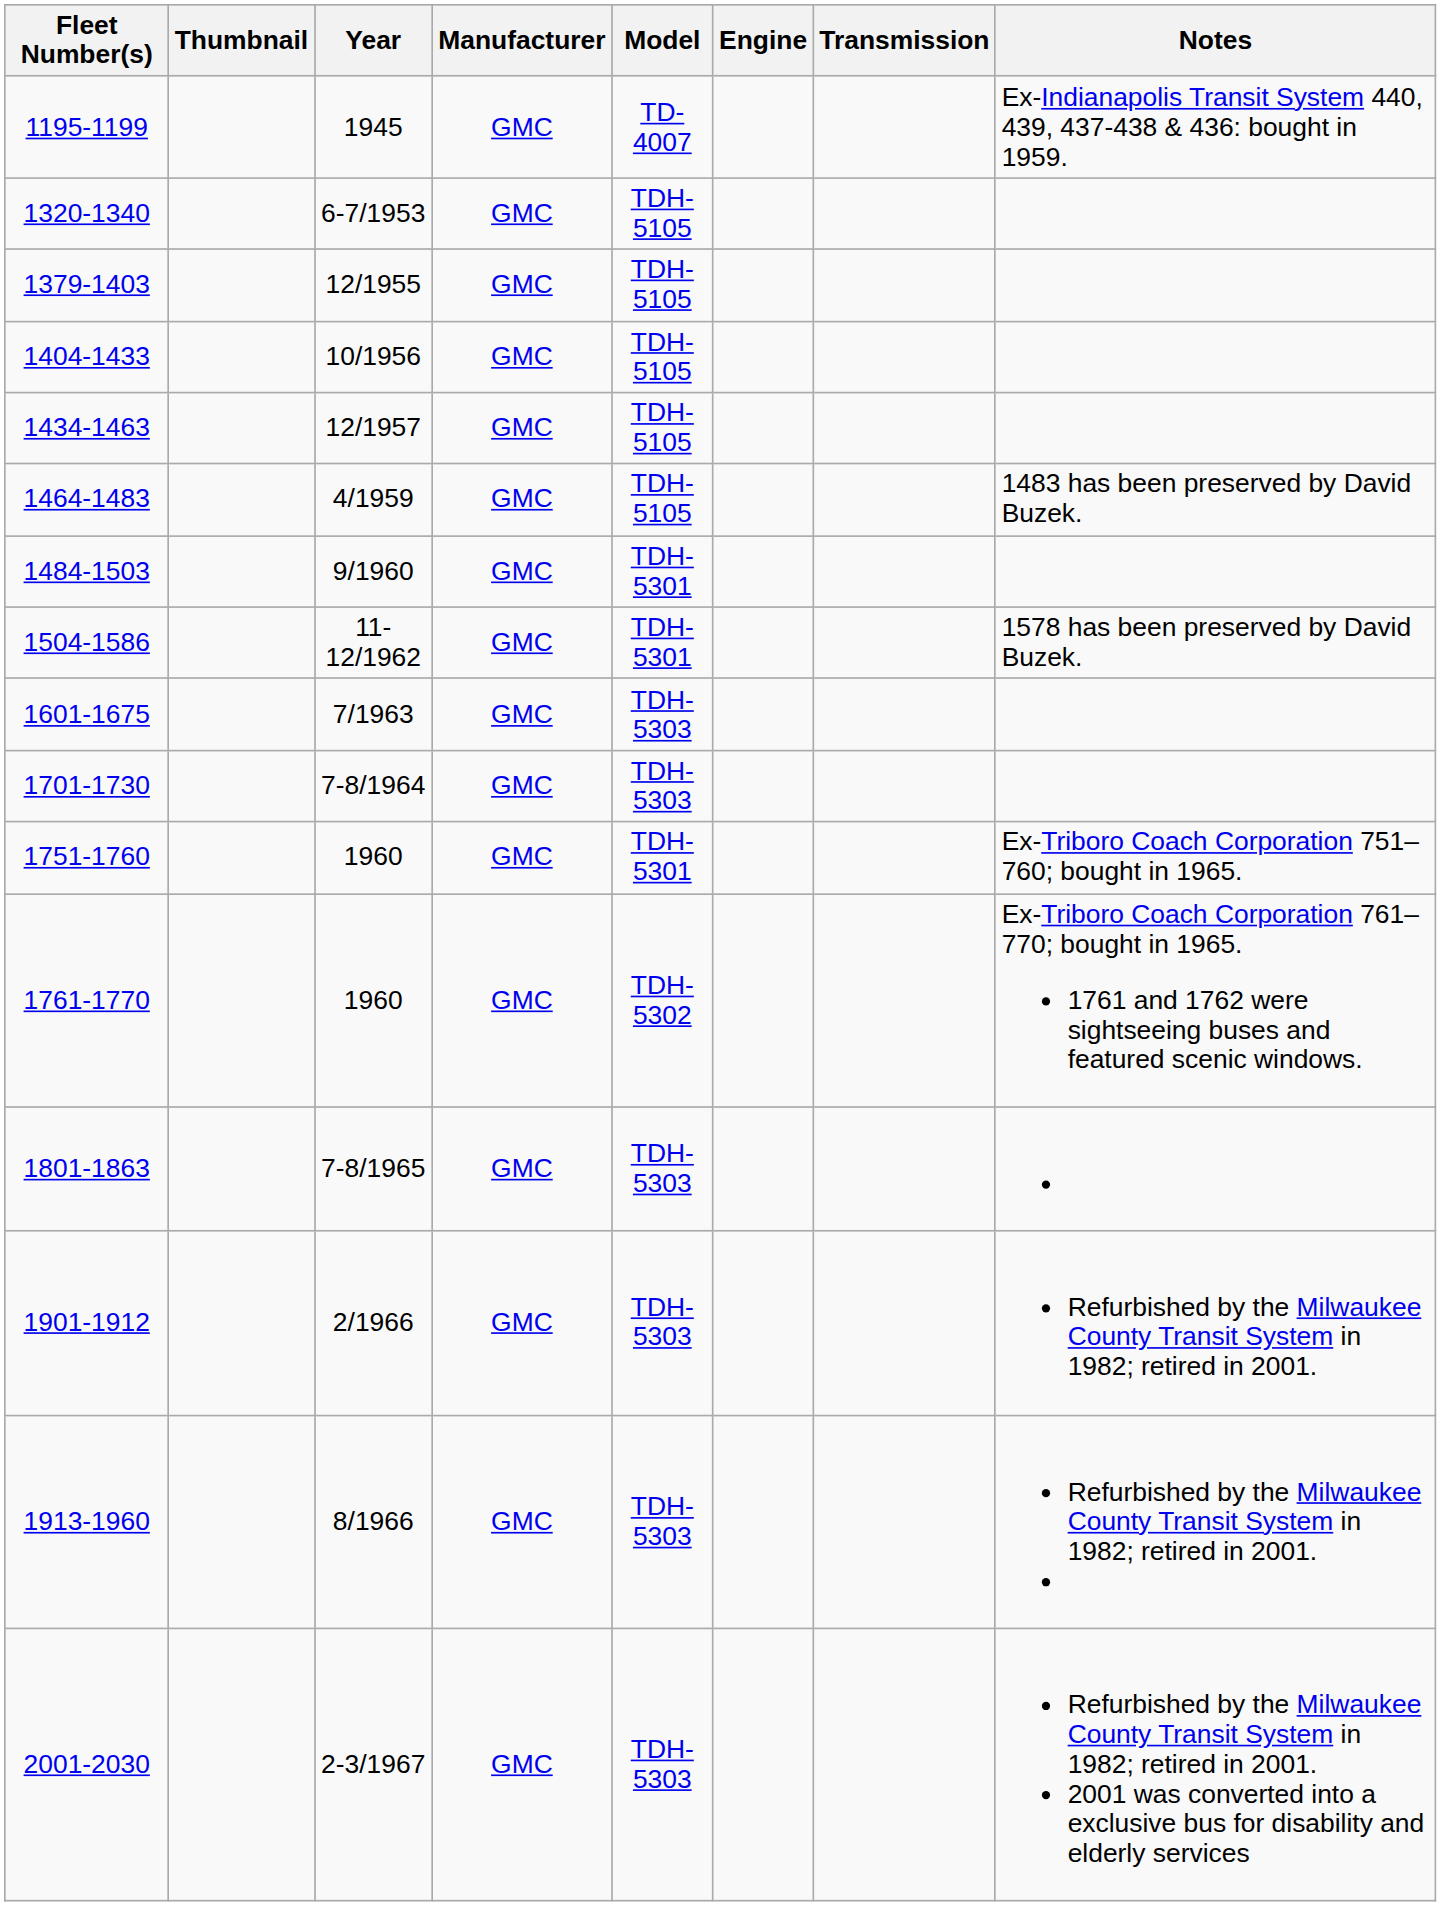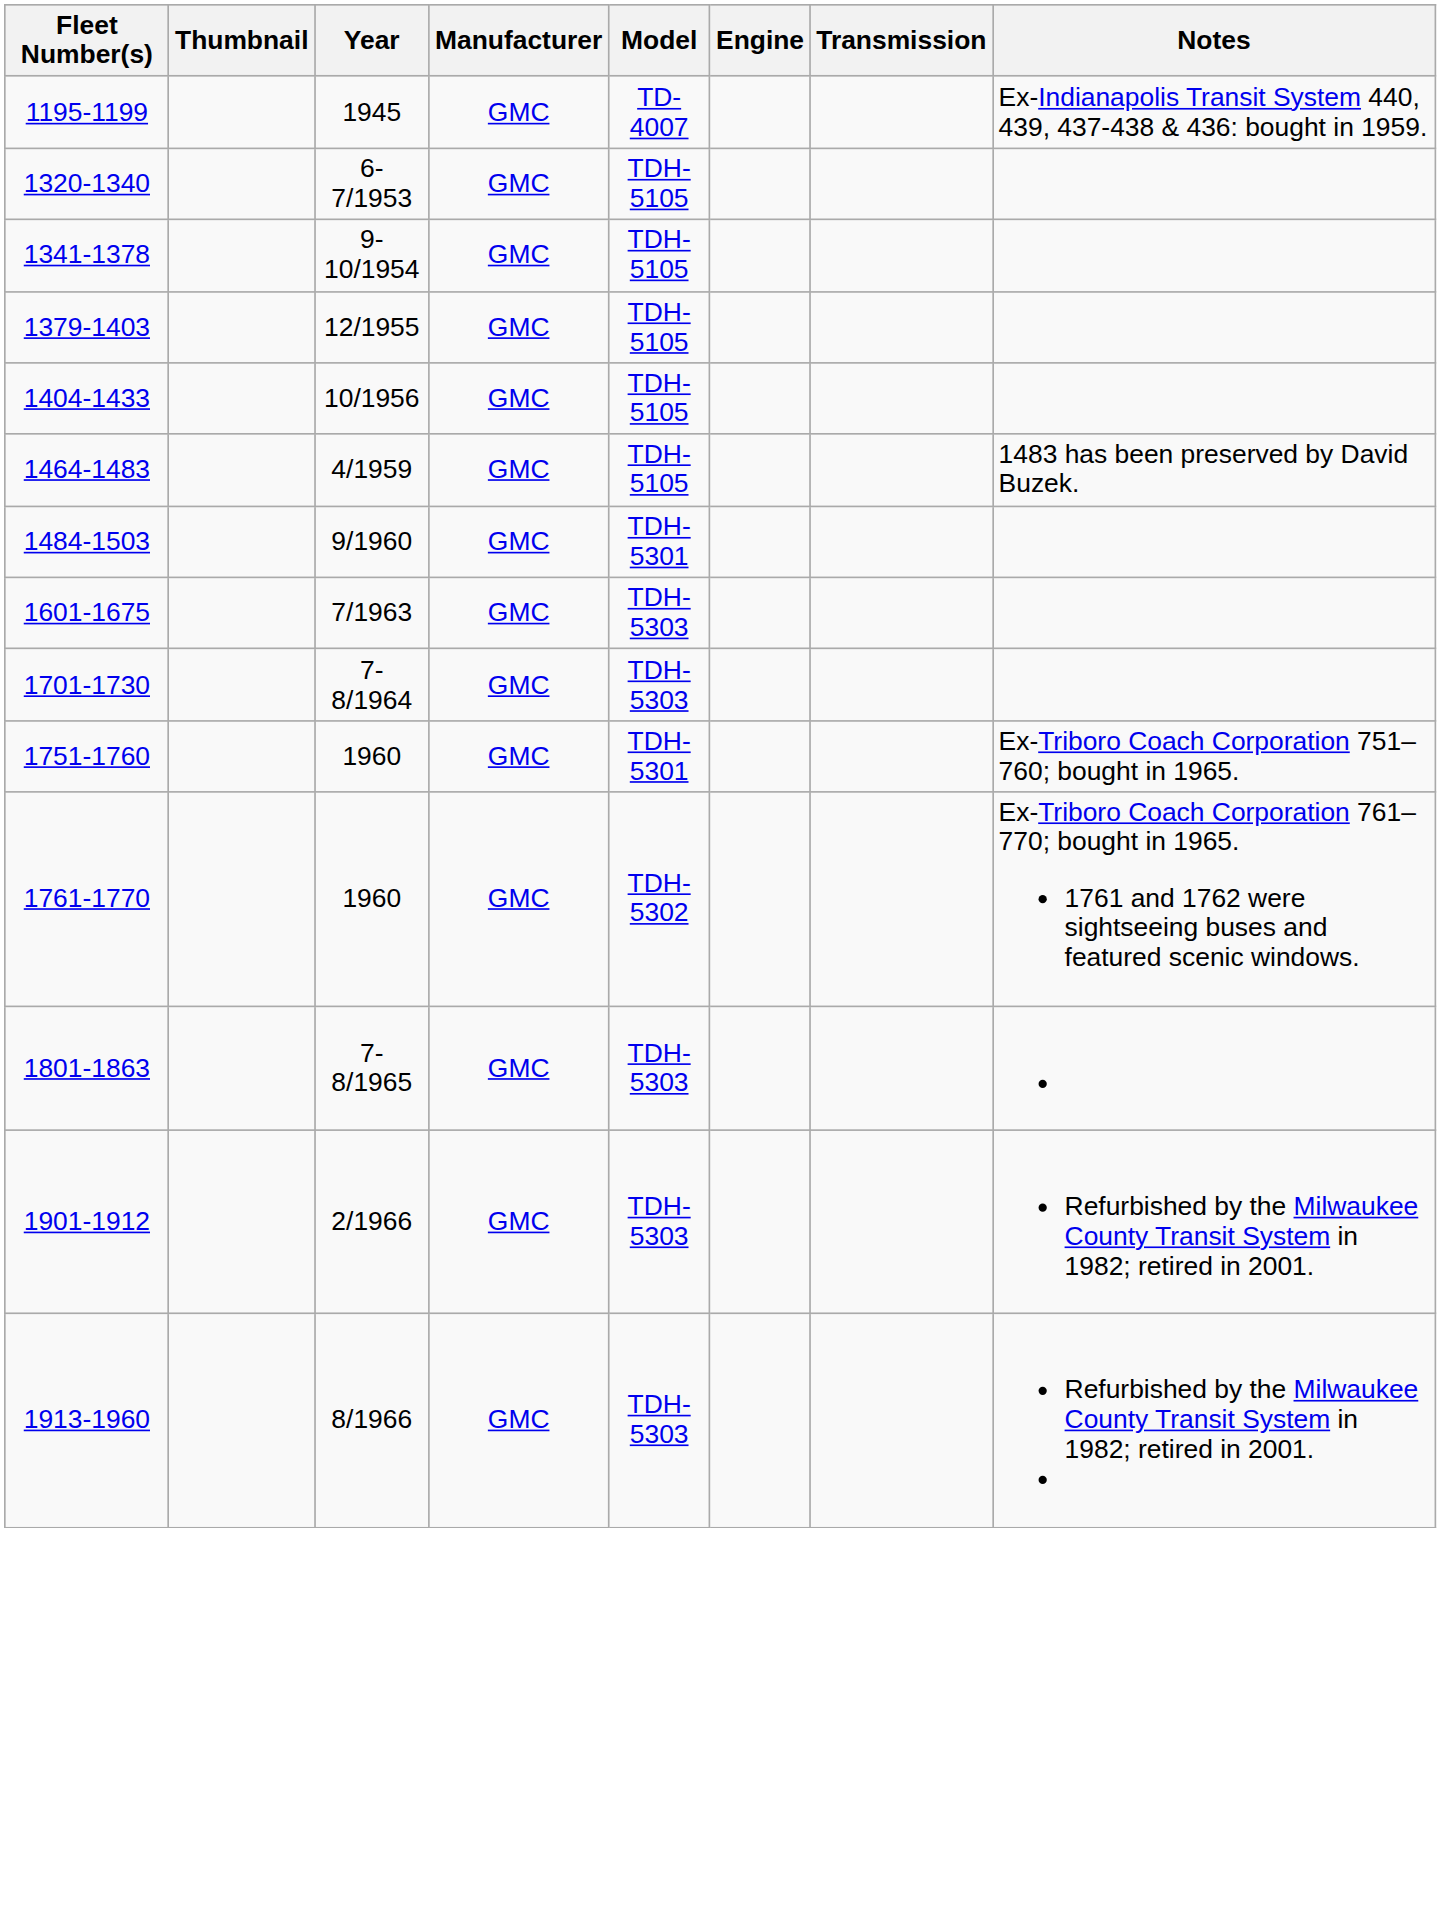 <table class="wikitable sortable">
 <tr>
 <th>Fleet Number(s)</th>
 <th>Thumbnail</th>
 <th>Year</th>
 <th>Manufacturer</th>
 <th>Model</th>
 <th>Engine</th>
 <th>Transmission</th>
 <th>Notes</th>
 </tr>
 <tr align="center">
 <td><a href='#'>1195-1199</a></td>
 <td></td>
 <td>1945</td>
 <td><a href='#'>GMC</a></td>
 <td><a href='#'>TD-4007</a></td>
 <td></td>
 <td></td>
 <td align="left">Ex-<a href='#'>Indianapolis Transit System</a> 440, 439, 437-438 & 436: bought in 1959.</td>
 </tr>
 <tr align="center">
 <td><a href='#'>1320-1340</a></td>
 <td></td>
 <td>6-7/1953</td>
 <td><a href='#'>GMC</a></td>
 <td><a href='#'>TDH-5105</a></td>
 <td></td>
 <td></td>
 <td></td>
 </tr>
 <tr align="center">
+<td><a href='#'>1341-1378</a></td>
+<td></td>
+<td>9-10/1954</td>
+<td><a href='#'>GMC</a></td>
+<td><a href='#'>TDH-5105</a></td>
+<td></td>
+<td></td>
+<td></td>
+</tr>
+<tr align="center">
 <td><a href='#'>1379-1403</a></td>
 <td></td>
 <td>12/1955</td>
 <td><a href='#'>GMC</a></td>
 <td><a href='#'>TDH-5105</a></td>
 <td></td>
 <td></td>
 <td></td>
 </tr>
 <tr align="center">
 <td><a href='#'>1404-1433</a></td>
 <td></td>
 <td>10/1956</td>
-<td><a href='#'>GMC</a></td>
-<td><a href='#'>TDH-5105</a></td>
-<td></td>
-<td></td>
-<td></td>
-</tr>
-<tr align="center">
-<td><a href='#'>1434-1463</a></td>
-<td></td>
-<td>12/1957</td>
 <td><a href='#'>GMC</a></td>
 <td><a href='#'>TDH-5105</a></td>
 <td></td>
 <td></td>
 <td></td>
 </tr>
 <tr align="center">
 <td><a href='#'>1464-1483</a></td>
 <td></td>
 <td>4/1959</td>
 <td><a href='#'>GMC</a></td>
 <td><a href='#'>TDH-5105</a></td>
 <td></td>
 <td></td>
 <td align="left">1483 has been preserved by David Buzek.</td>
 </tr>
 <tr align="center">
 <td><a href='#'>1484-1503</a></td>
 <td></td>
 <td>9/1960</td>
 <td><a href='#'>GMC</a></td>
 <td><a href='#'>TDH-5301</a></td>
 <td></td>
 <td></td>
 <td></td>
-</tr>
-<tr align="center">
-<td><a href='#'>1504-1586</a></td>
-<td></td>
-<td>11-12/1962</td>
-<td><a href='#'>GMC</a></td>
-<td><a href='#'>TDH-5301</a></td>
-<td></td>
-<td></td>
-<td align="left">1578 has been preserved by David Buzek.</td>
 </tr>
 <tr align="center">
 <td><a href='#'>1601-1675</a></td>
 <td></td>
 <td>7/1963</td>
 <td><a href='#'>GMC</a></td>
 <td><a href='#'>TDH-5303</a></td>
 <td></td>
 <td></td>
 <td></td>
 </tr>
 <tr align="center">
 <td><a href='#'>1701-1730</a></td>
 <td></td>
 <td>7-8/1964</td>
 <td><a href='#'>GMC</a></td>
 <td><a href='#'>TDH-5303</a></td>
 <td></td>
 <td></td>
 <td align="left"></td>
 </tr>
 <tr align="center">
 <td><a href='#'>1751-1760</a></td>
 <td></td>
 <td>1960</td>
 <td><a href='#'>GMC</a></td>
 <td><a href='#'>TDH-5301</a></td>
 <td></td>
 <td></td>
 <td align="left">Ex-<a href='#'>Triboro Coach Corporation</a> 751–760; bought in 1965.</td>
 </tr>
 <tr align="center">
 <td><a href='#'>1761-1770</a></td>
 <td></td>
 <td>1960</td>
 <td><a href='#'>GMC</a></td>
 <td><a href='#'>TDH-5302</a></td>
 <td></td>
 <td></td>
 <td align="left">Ex-<a href='#'>Triboro Coach Corporation</a> 761–770; bought in 1965.<br><ul><li>1761 and 1762 were sightseeing buses and featured scenic windows.</li></ul></td>
 </tr>
 <tr align="center">
 <td><a href='#'>1801-1863</a></td>
 <td></td>
 <td>7-8/1965</td>
 <td><a href='#'>GMC</a></td>
 <td><a href='#'>TDH-5303</a></td>
 <td></td>
 <td></td>
 <td align="left"><br><ul><li></li></ul></td>
 </tr>
 <tr align="center">
 <td><a href='#'>1901-1912</a></td>
 <td></td>
 <td>2/1966</td>
 <td><a href='#'>GMC</a></td>
 <td><a href='#'>TDH-5303</a></td>
 <td></td>
 <td></td>
 <td align="left"><br><ul><li>Refurbished by the <a href='#'>Milwaukee County Transit System</a> in 1982; retired in 2001.</li></ul></td>
 </tr>
 <tr align="center">
 <td><a href='#'>1913-1960</a></td>
 <td></td>
 <td>8/1966</td>
 <td><a href='#'>GMC</a></td>
 <td><a href='#'>TDH-5303</a></td>
 <td></td>
 <td></td>
 <td align="left"><br><ul><li>Refurbished by the <a href='#'>Milwaukee County Transit System</a> in 1982; retired in 2001.</li><li></li></ul></td>
 </tr>
-<tr align="center">
-<td><a href='#'>2001-2030</a></td>
-<td></td>
-<td>2-3/1967</td>
-<td><a href='#'>GMC</a></td>
-<td><a href='#'>TDH-5303</a></td>
-<td></td>
-<td></td>
-<td align="left"><br><ul><li>Refurbished by the <a href='#'>Milwaukee County Transit System</a> in 1982; retired in 2001.</li><li>2001 was converted into a exclusive bus for disability and elderly services</li></ul></td>
-</tr>
 </table>
